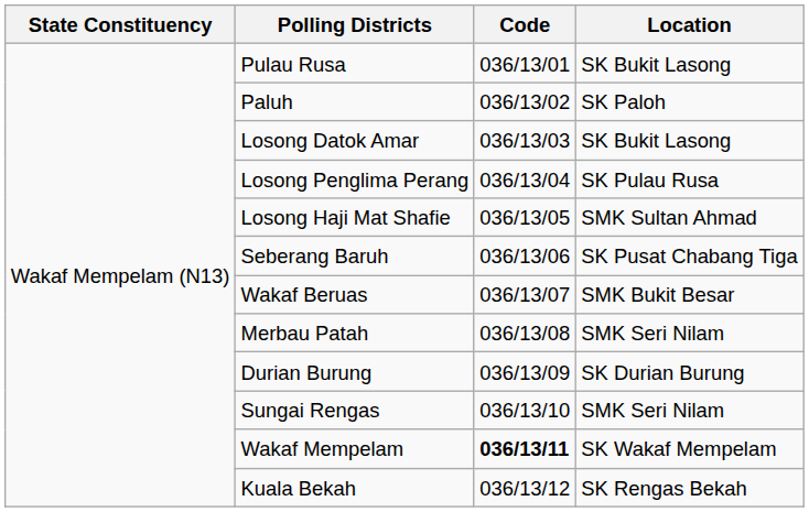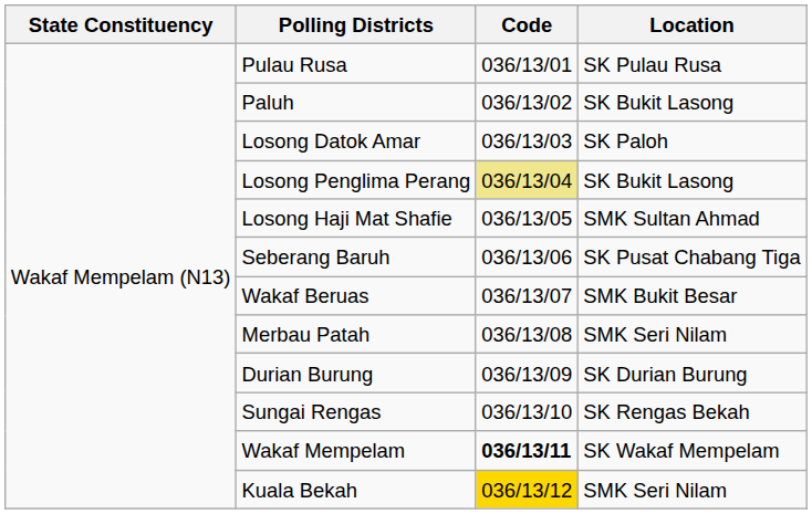 <table class="wikitable sortable mw-collapsible">
 <tr>
 <th><small>State Constituency</small></th>
 <th><small>Polling Districts</small></th>
 <th><small>Code</small></th>
 <th><small>Location</small></th>
 </tr>
 <tr>
 <td rowspan="12"><small>Wakaf Mempelam (N13)</small></td>
 <td><small>Pulau Rusa</small></td>
 <td><small>036/13/01</small></td>
-<td><small>SK Bukit Lasong</small></td>
+<td><small>SK Pulau Rusa</small></td>
 </tr>
 <tr>
 <td><small>Paluh</small></td>
 <td><small>036/13/02</small></td>
-<td><small>SK Paloh</small></td>
+<td><small>SK Bukit Lasong</small></td>
 </tr>
 <tr>
 <td><small>Losong Datok Amar</small></td>
 <td><small>036/13/03</small></td>
-<td><small>SK Bukit Lasong</small></td>
+<td><small>SK Paloh</small></td>
 </tr>
 <tr>
 <td><small>Losong Penglima Perang</small></td>
-<td><small>036/13/04</small></td>
-<td><small>SK Pulau Rusa</small></td>
+<td style="background: khaki;"><small>036/13/04</small></td>
+<td><small>SK Bukit Lasong</small></td>
 </tr>
 <tr>
 <td><small>Losong Haji Mat Shafie</small></td>
 <td><small>036/13/05</small></td>
 <td><small>SMK Sultan Ahmad</small></td>
 </tr>
 <tr>
 <td><small>Seberang Baruh</small></td>
 <td><small>036/13/06</small></td>
 <td><small>SK Pusat Chabang Tiga</small></td>
 </tr>
 <tr>
 <td><small>Wakaf Beruas</small></td>
 <td><small>036/13/07</small></td>
 <td><small>SMK Bukit Besar</small></td>
 </tr>
 <tr>
 <td><small>Merbau Patah</small></td>
 <td><small>036/13/08</small></td>
 <td><small>SMK Seri Nilam</small></td>
 </tr>
 <tr>
 <td><small>Durian Burung</small></td>
 <td><small>036/13/09</small></td>
 <td><small>SK Durian Burung</small></td>
 </tr>
 <tr>
 <td><small>Sungai Rengas</small></td>
 <td><small>036/13/10</small></td>
-<td><small>SMK Seri Nilam</small></td>
+<td><small>SK Rengas Bekah</small></td>
 </tr>
 <tr>
 <td><small>Wakaf Mempelam</small></td>
 <td><strong><small>036/13/11</small></strong></td>
 <td><small>SK Wakaf Mempelam</small></td>
 </tr>
 <tr>
 <td><small>Kuala Bekah</small></td>
-<td><small>036/13/12</small></td>
-<td><small>SK Rengas Bekah</small></td>
+<td style="background: gold;"><small>036/13/12</small></td>
+<td><small>SMK Seri Nilam</small></td>
 </tr>
 </table>
